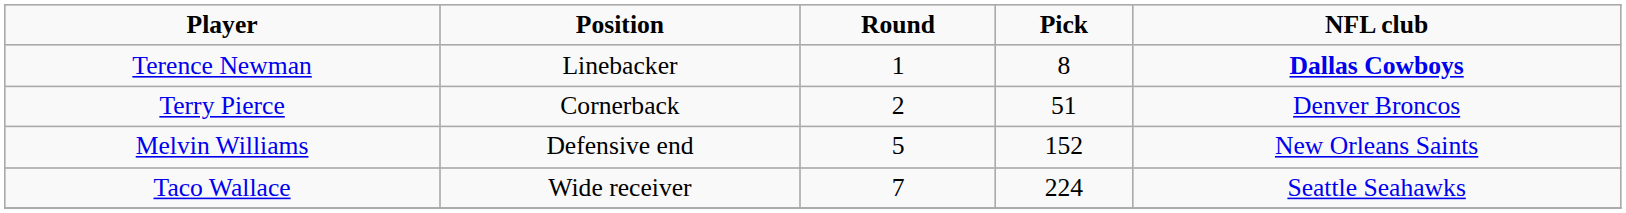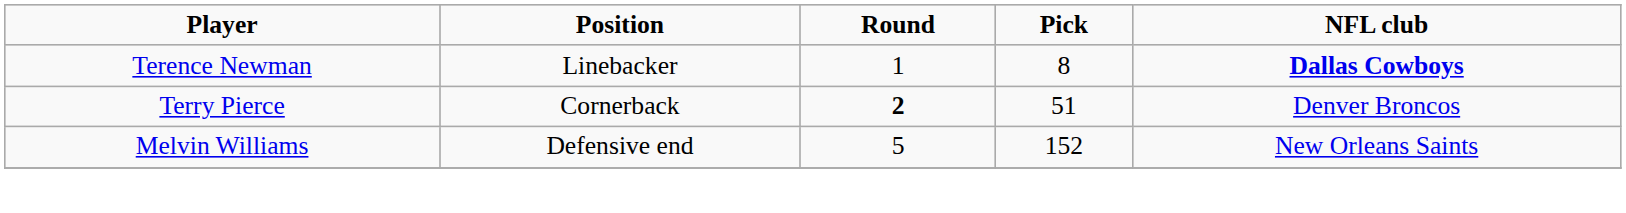 <table class="wikitable" width="80%">
 <tr align="center">
 <td><strong>Player</strong></td>
 <td><strong>Position</strong></td>
 <td><strong>Round</strong></td>
 <td><strong>Pick</strong></td>
 <td><strong>NFL club</strong></td>
 </tr>
 <tr align="center" bgcolor="">
 <td><a href='#'>Terence Newman</a></td>
 <td>Linebacker</td>
 <td>1</td>
 <td>8</td>
 <td><strong><a href='#'>Dallas Cowboys</a></strong></td>
 </tr>
 <tr align="center" bgcolor="">
 <td><a href='#'>Terry Pierce</a></td>
 <td>Cornerback</td>
-<td>2</td>
+<td><strong>2</strong></td>
 <td>51</td>
 <td><a href='#'>Denver Broncos</a></td>
 </tr>
 <tr align="center" bgcolor="">
 <td><a href='#'>Melvin Williams</a></td>
 <td>Defensive end</td>
 <td>5</td>
 <td>152</td>
 <td><a href='#'>New Orleans Saints</a></td>
 </tr>
 <tr align="center" bgcolor="">
-<td><a href='#'>Taco Wallace</a></td>
-<td>Wide receiver</td>
-<td>7</td>
-<td>224</td>
-<td><a href='#'>Seattle Seahawks</a></td>
-</tr>
-<tr align="center" bgcolor="">
 </tr>
 </table>
